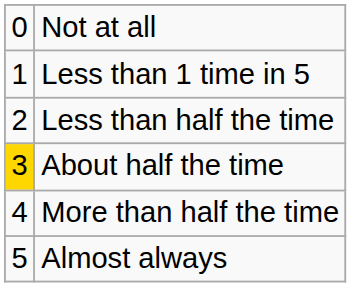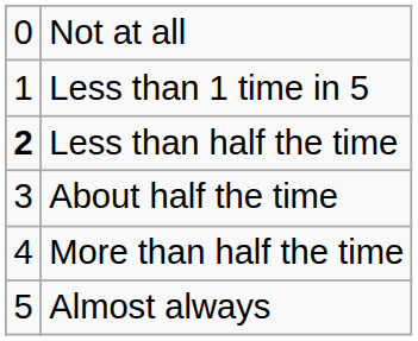 <table class="wikitable">
 <tr>
 <td>0</td>
 <td>Not at all</td>
 </tr>
 <tr>
 <td>1</td>
 <td>Less than 1 time in 5</td>
 </tr>
 <tr>
-<td>2</td>
+<td><strong>2</strong></td>
 <td>Less than half the time</td>
 </tr>
 <tr>
-<td style="background: gold;">3</td>
+<td>3</td>
 <td>About half the time</td>
 </tr>
 <tr>
 <td>4</td>
 <td>More than half the time</td>
 </tr>
 <tr>
 <td>5</td>
 <td>Almost always</td>
 </tr>
 </table>
